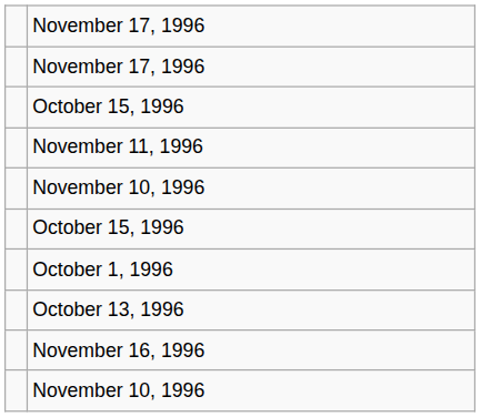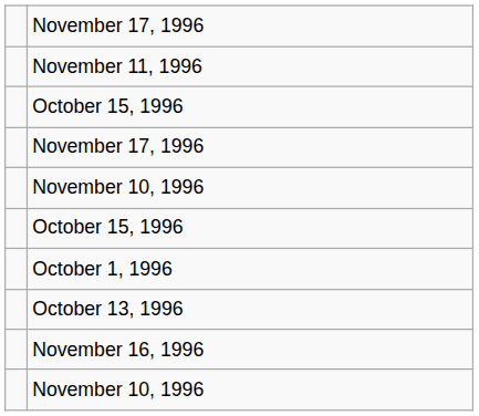 <table class="wikitable" style="font-size: 89%; float: left; width: 24em; margin-right: 1em; line-height: 1.6em !important;">
 <tr>
 <td></td>
 <td>November 17, 1996</td>
 </tr>
 <tr>
 <td></td>
-<td>November 17, 1996</td>
+<td>November 11, 1996</td>
 </tr>
 <tr>
 <td></td>
 <td>October 15, 1996</td>
 </tr>
 <tr>
 <td></td>
-<td>November 11, 1996</td>
+<td>November 17, 1996</td>
 </tr>
 <tr>
 <td></td>
 <td>November 10, 1996</td>
 </tr>
 <tr>
 <td></td>
 <td>October 15, 1996</td>
 </tr>
 <tr>
 <td></td>
 <td>October 1, 1996</td>
 </tr>
 <tr>
 <td></td>
 <td>October 13, 1996</td>
 </tr>
 <tr>
 <td></td>
 <td>November 16, 1996</td>
 </tr>
 <tr>
 <td></td>
 <td>November 10, 1996</td>
 </tr>
 </table>
